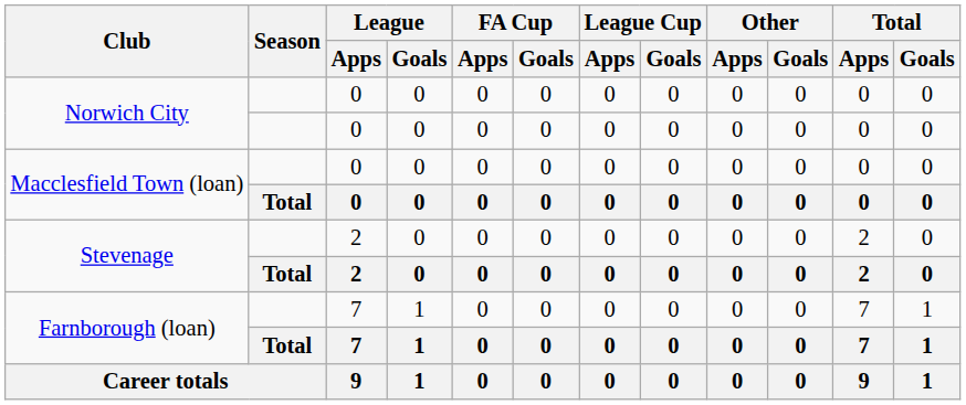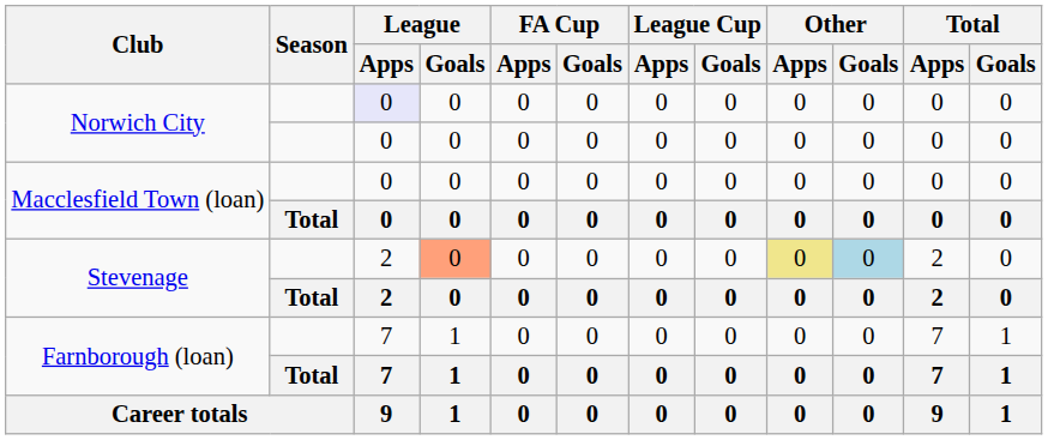 <table class="wikitable" style="text-align: center;">
 <tr>
 <th rowspan="2">Club</th>
 <th rowspan="2">Season</th>
 <th colspan="2">League</th>
 <th colspan="2">FA Cup</th>
 <th colspan="2">League Cup</th>
 <th colspan="2">Other</th>
 <th colspan="2">Total</th>
 </tr>
 <tr>
 <th>Apps</th>
 <th>Goals</th>
 <th>Apps</th>
 <th>Goals</th>
 <th>Apps</th>
 <th>Goals</th>
 <th>Apps</th>
 <th>Goals</th>
 <th>Apps</th>
 <th>Goals</th>
 </tr>
 <tr>
 <td rowspan="2" valign="center"><a href='#'>Norwich City</a></td>
 <td></td>
-<td>0</td>
+<td style="background: lavender;">0</td>
 <td>0</td>
 <td>0</td>
 <td>0</td>
 <td>0</td>
 <td>0</td>
 <td>0</td>
 <td>0</td>
 <td>0</td>
 <td>0</td>
 </tr>
 <tr>
 <td></td>
 <td>0</td>
 <td>0</td>
 <td>0</td>
 <td>0</td>
 <td>0</td>
 <td>0</td>
 <td>0</td>
 <td>0</td>
 <td>0</td>
 <td>0</td>
 </tr>
 <tr>
 <td rowspan="2" valign="center"><a href='#'>Macclesfield Town</a> (loan)</td>
 <td></td>
 <td>0</td>
 <td>0</td>
 <td>0</td>
 <td>0</td>
 <td>0</td>
 <td>0</td>
 <td>0</td>
 <td>0</td>
 <td>0</td>
 <td>0</td>
 </tr>
 <tr>
 <th>Total</th>
 <th>0</th>
 <th>0</th>
 <th>0</th>
 <th>0</th>
 <th>0</th>
 <th>0</th>
 <th>0</th>
 <th>0</th>
 <th>0</th>
 <th>0</th>
 </tr>
 <tr>
 <td rowspan="2" valign="center"><a href='#'>Stevenage</a></td>
 <td></td>
 <td>2</td>
+<td style="background: lightsalmon;">0</td>
 <td>0</td>
 <td>0</td>
 <td>0</td>
 <td>0</td>
-<td>0</td>
-<td>0</td>
-<td>0</td>
+<td style="background: khaki;">0</td>
+<td style="background: lightblue;">0</td>
 <td>2</td>
 <td>0</td>
 </tr>
 <tr>
 <th>Total</th>
 <th>2</th>
 <th>0</th>
 <th>0</th>
 <th>0</th>
 <th>0</th>
 <th>0</th>
 <th>0</th>
 <th>0</th>
 <th>2</th>
 <th>0</th>
 </tr>
 <tr>
 <td rowspan="2" valign="center"><a href='#'>Farnborough</a> (loan)</td>
 <td></td>
 <td>7</td>
 <td>1</td>
 <td>0</td>
 <td>0</td>
 <td>0</td>
 <td>0</td>
 <td>0</td>
 <td>0</td>
 <td>7</td>
 <td>1</td>
 </tr>
 <tr>
 <th>Total</th>
 <th>7</th>
 <th>1</th>
 <th>0</th>
 <th>0</th>
 <th>0</th>
 <th>0</th>
 <th>0</th>
 <th>0</th>
 <th>7</th>
 <th>1</th>
 </tr>
 <tr>
 <th colspan="2">Career totals</th>
 <th>9</th>
 <th>1</th>
 <th>0</th>
 <th>0</th>
 <th>0</th>
 <th>0</th>
 <th>0</th>
 <th>0</th>
 <th>9</th>
 <th>1</th>
 </tr>
 </table>
